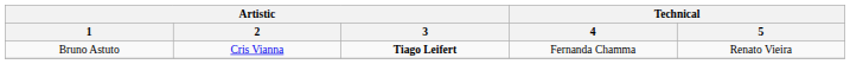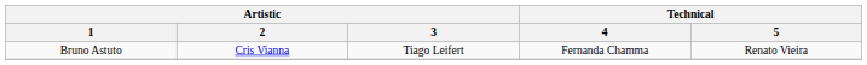 <table class="wikitable" style="font-size:90%; line-height:16px; text-align:center" width="85%">
 <tr>
 <th colspan=3>Artistic</th>
 <th colspan=2>Technical</th>
 </tr>
 <tr>
 <th>1</th>
 <th>2</th>
 <th>3</th>
 <th>4</th>
 <th>5</th>
 </tr>
 <tr>
 <td width=150>Bruno Astuto</td>
 <td width=150><a href='#'>Cris Vianna</a></td>
-<td width=150><strong>Tiago Leifert</strong></td>
+<td width=150>Tiago Leifert</td>
 <td width=150>Fernanda Chamma</td>
 <td width=150>Renato Vieira</td>
 </tr>
 <tr>
 </tr>
 </table>
